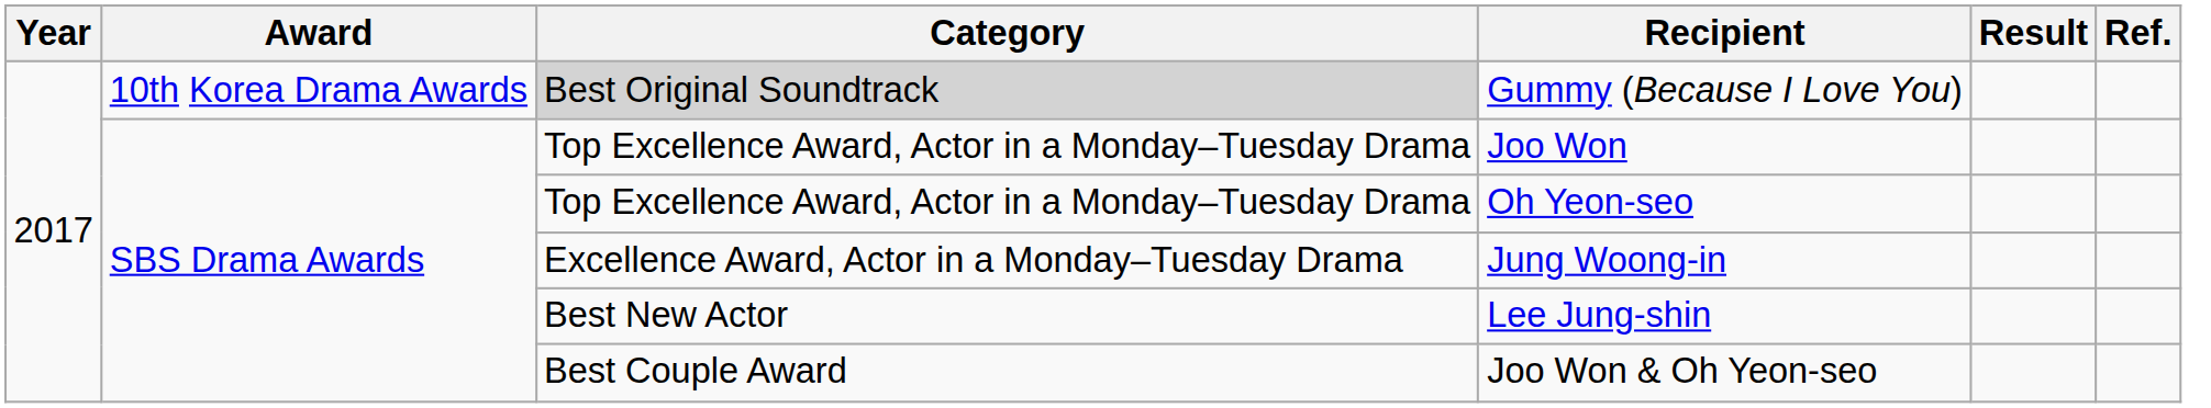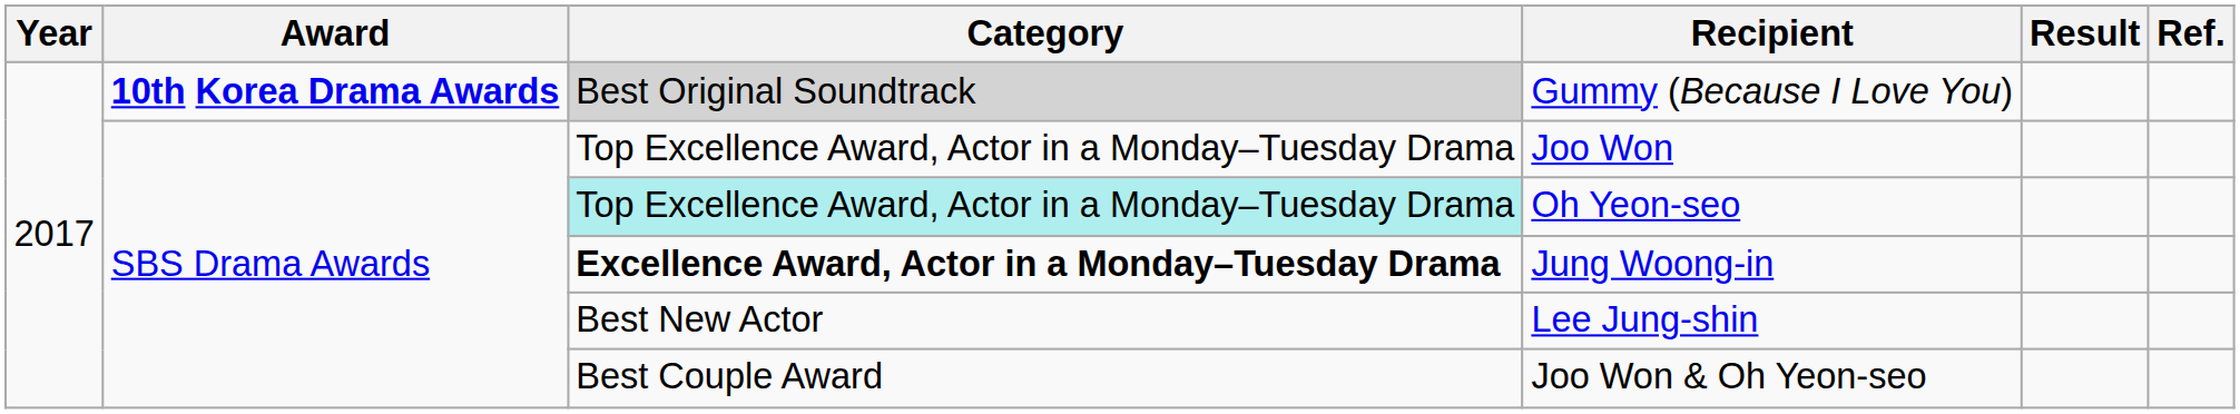 <table class="wikitable">
 <tr>
 <th>Year</th>
 <th>Award</th>
 <th>Category</th>
 <th>Recipient</th>
 <th>Result</th>
 <th>Ref.</th>
 </tr>
 <tr>
 <td rowspan=6>2017</td>
-<td><a href='#'>10th</a> <a href='#'>Korea Drama Awards</a></td>
+<td><strong><a href='#'>10th</a> <a href='#'>Korea Drama Awards</a></strong></td>
 <td style="background: lightgrey;">Best Original Soundtrack</td>
 <td><a href='#'>Gummy</a> (<em>Because I Love You</em>)</td>
 <td></td>
 <td></td>
 </tr>
 <tr>
 <td rowspan=5><a href='#'>SBS Drama Awards</a></td>
 <td>Top Excellence Award, Actor in a Monday–Tuesday Drama</td>
 <td><a href='#'>Joo Won</a></td>
 <td></td>
 <td></td>
 </tr>
 <tr>
-<td>Top Excellence Award, Actor in a Monday–Tuesday Drama</td>
+<td style="background: paleturquoise;">Top Excellence Award, Actor in a Monday–Tuesday Drama</td>
 <td><a href='#'>Oh Yeon-seo</a></td>
 <td></td>
 <td></td>
 </tr>
 <tr>
-<td>Excellence Award, Actor in a Monday–Tuesday Drama</td>
+<td><strong>Excellence Award, Actor in a Monday–Tuesday Drama</strong></td>
 <td><a href='#'>Jung Woong-in</a></td>
 <td></td>
 <td></td>
 </tr>
 <tr>
 <td>Best New Actor</td>
 <td><a href='#'>Lee Jung-shin</a></td>
 <td></td>
 <td></td>
 </tr>
 <tr>
 <td>Best Couple Award</td>
 <td>Joo Won & Oh Yeon-seo</td>
 <td></td>
 <td></td>
 </tr>
 </table>
